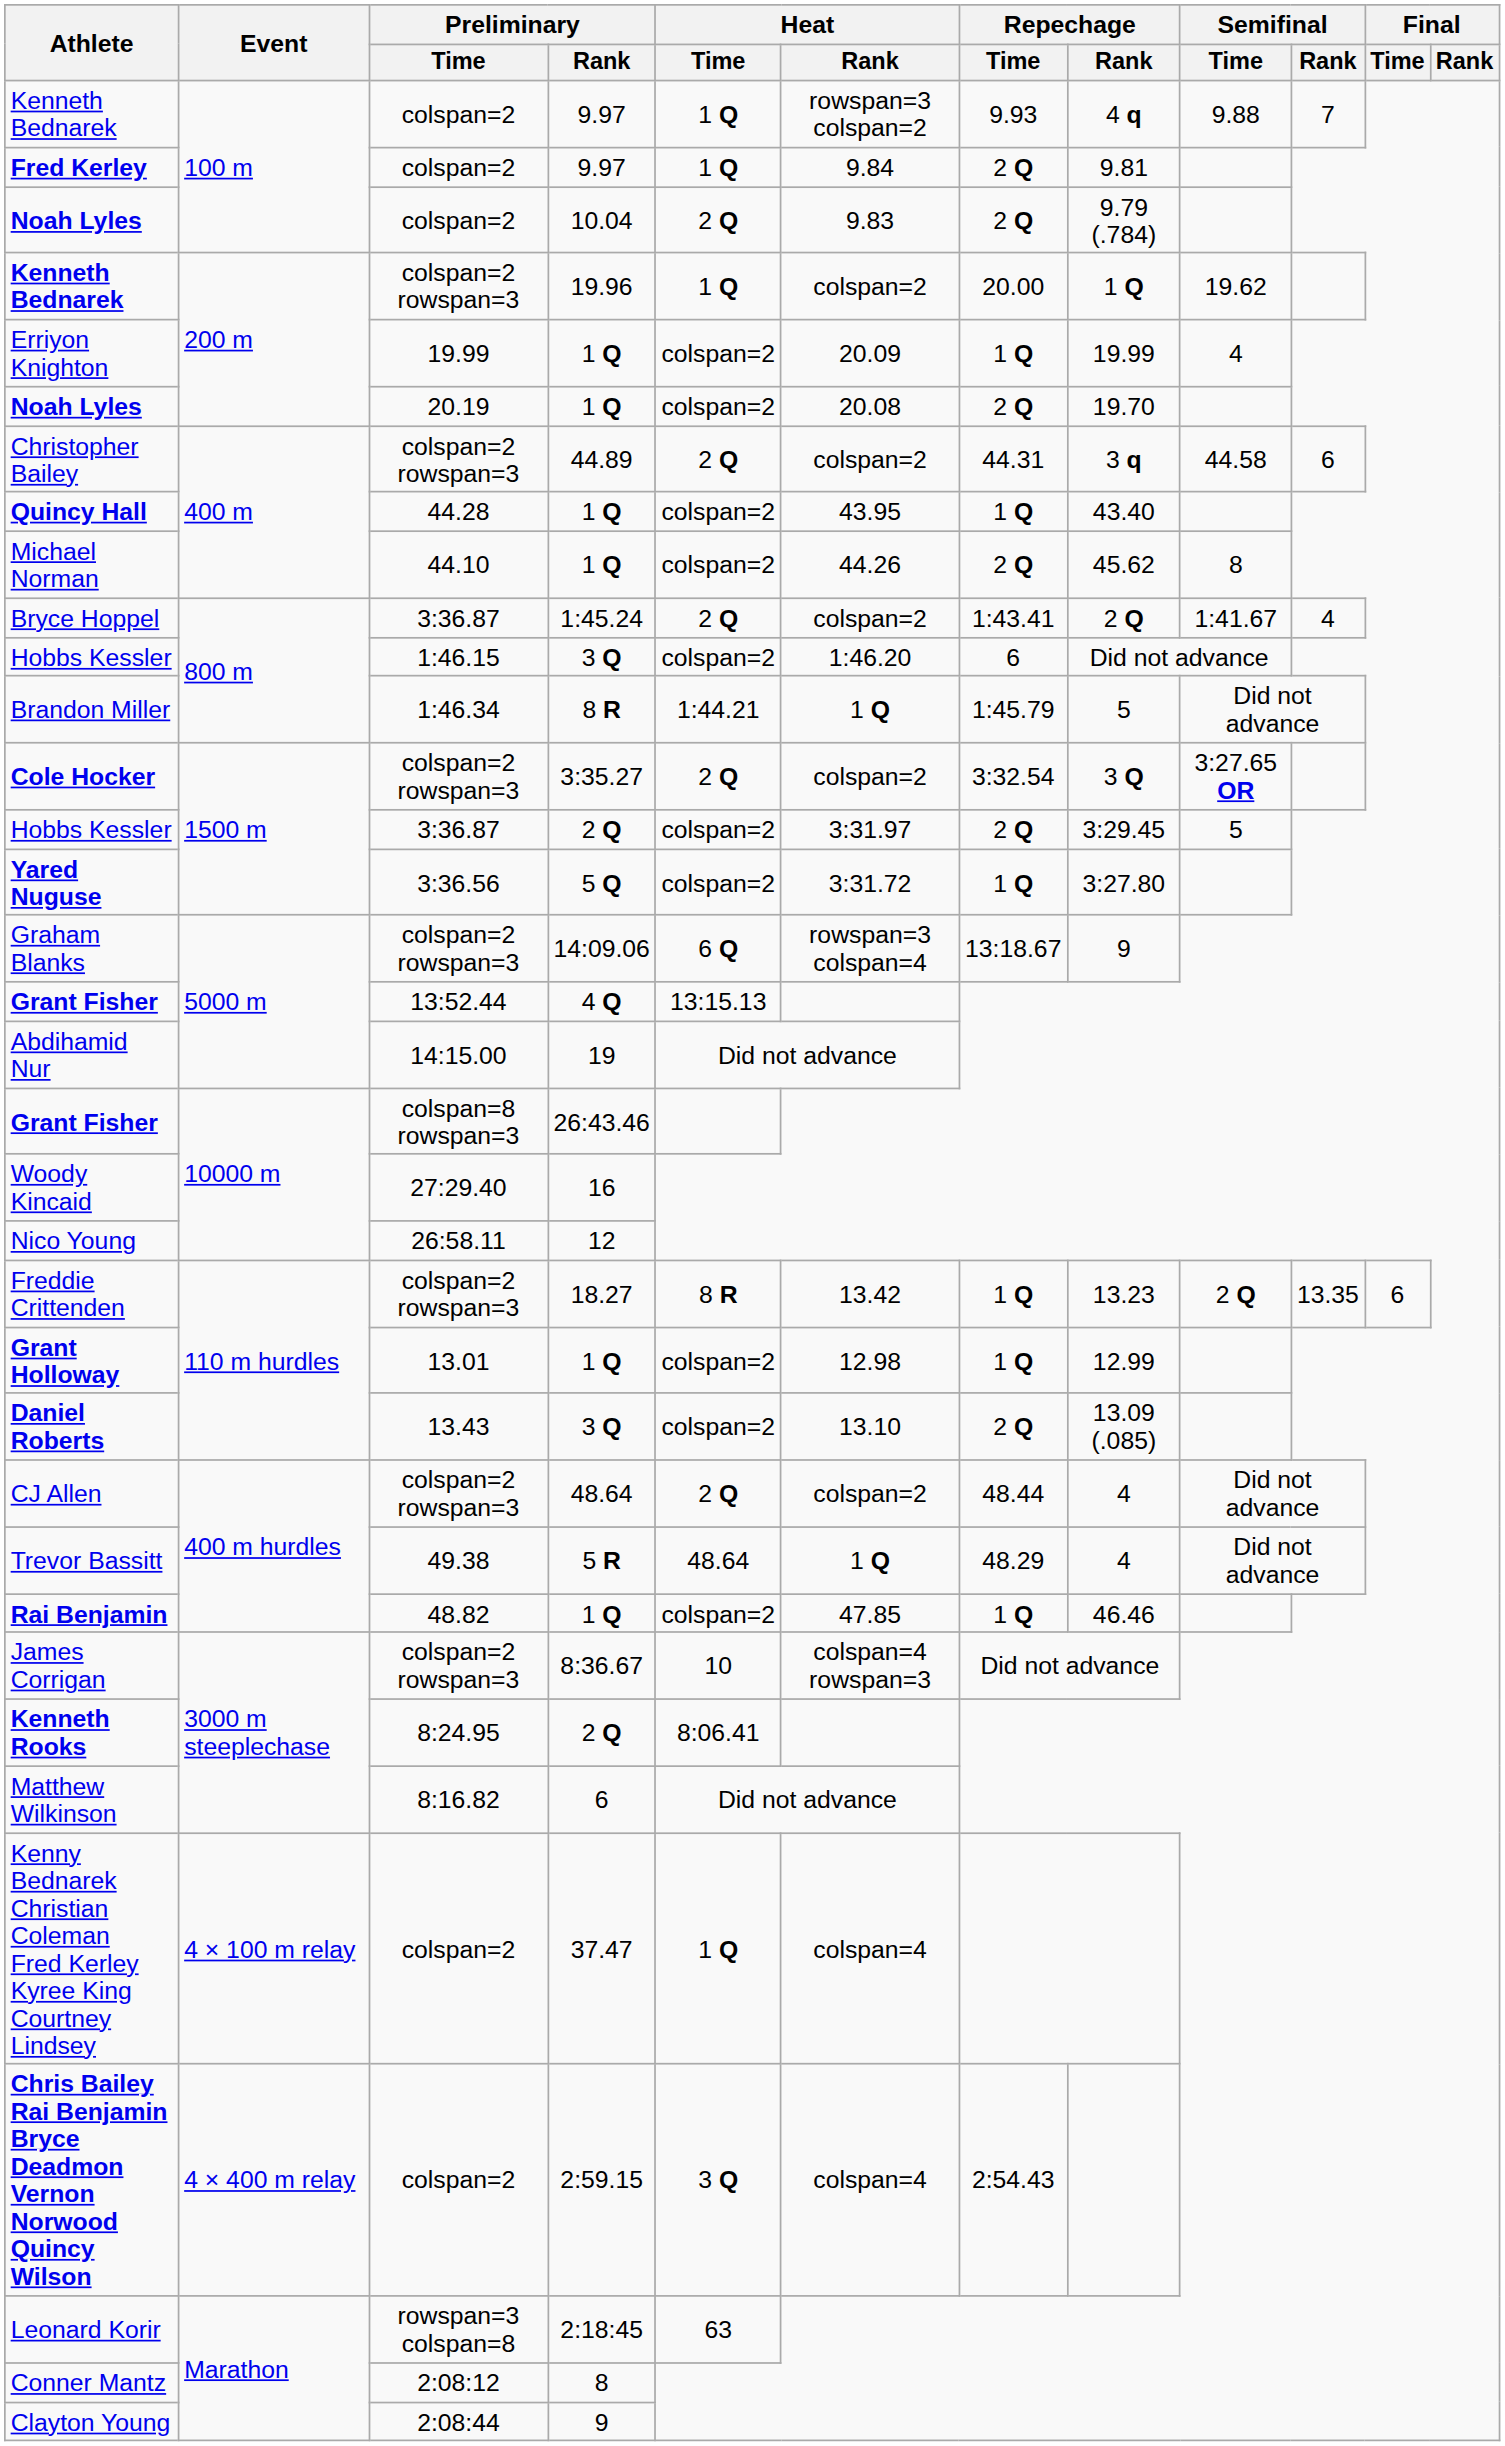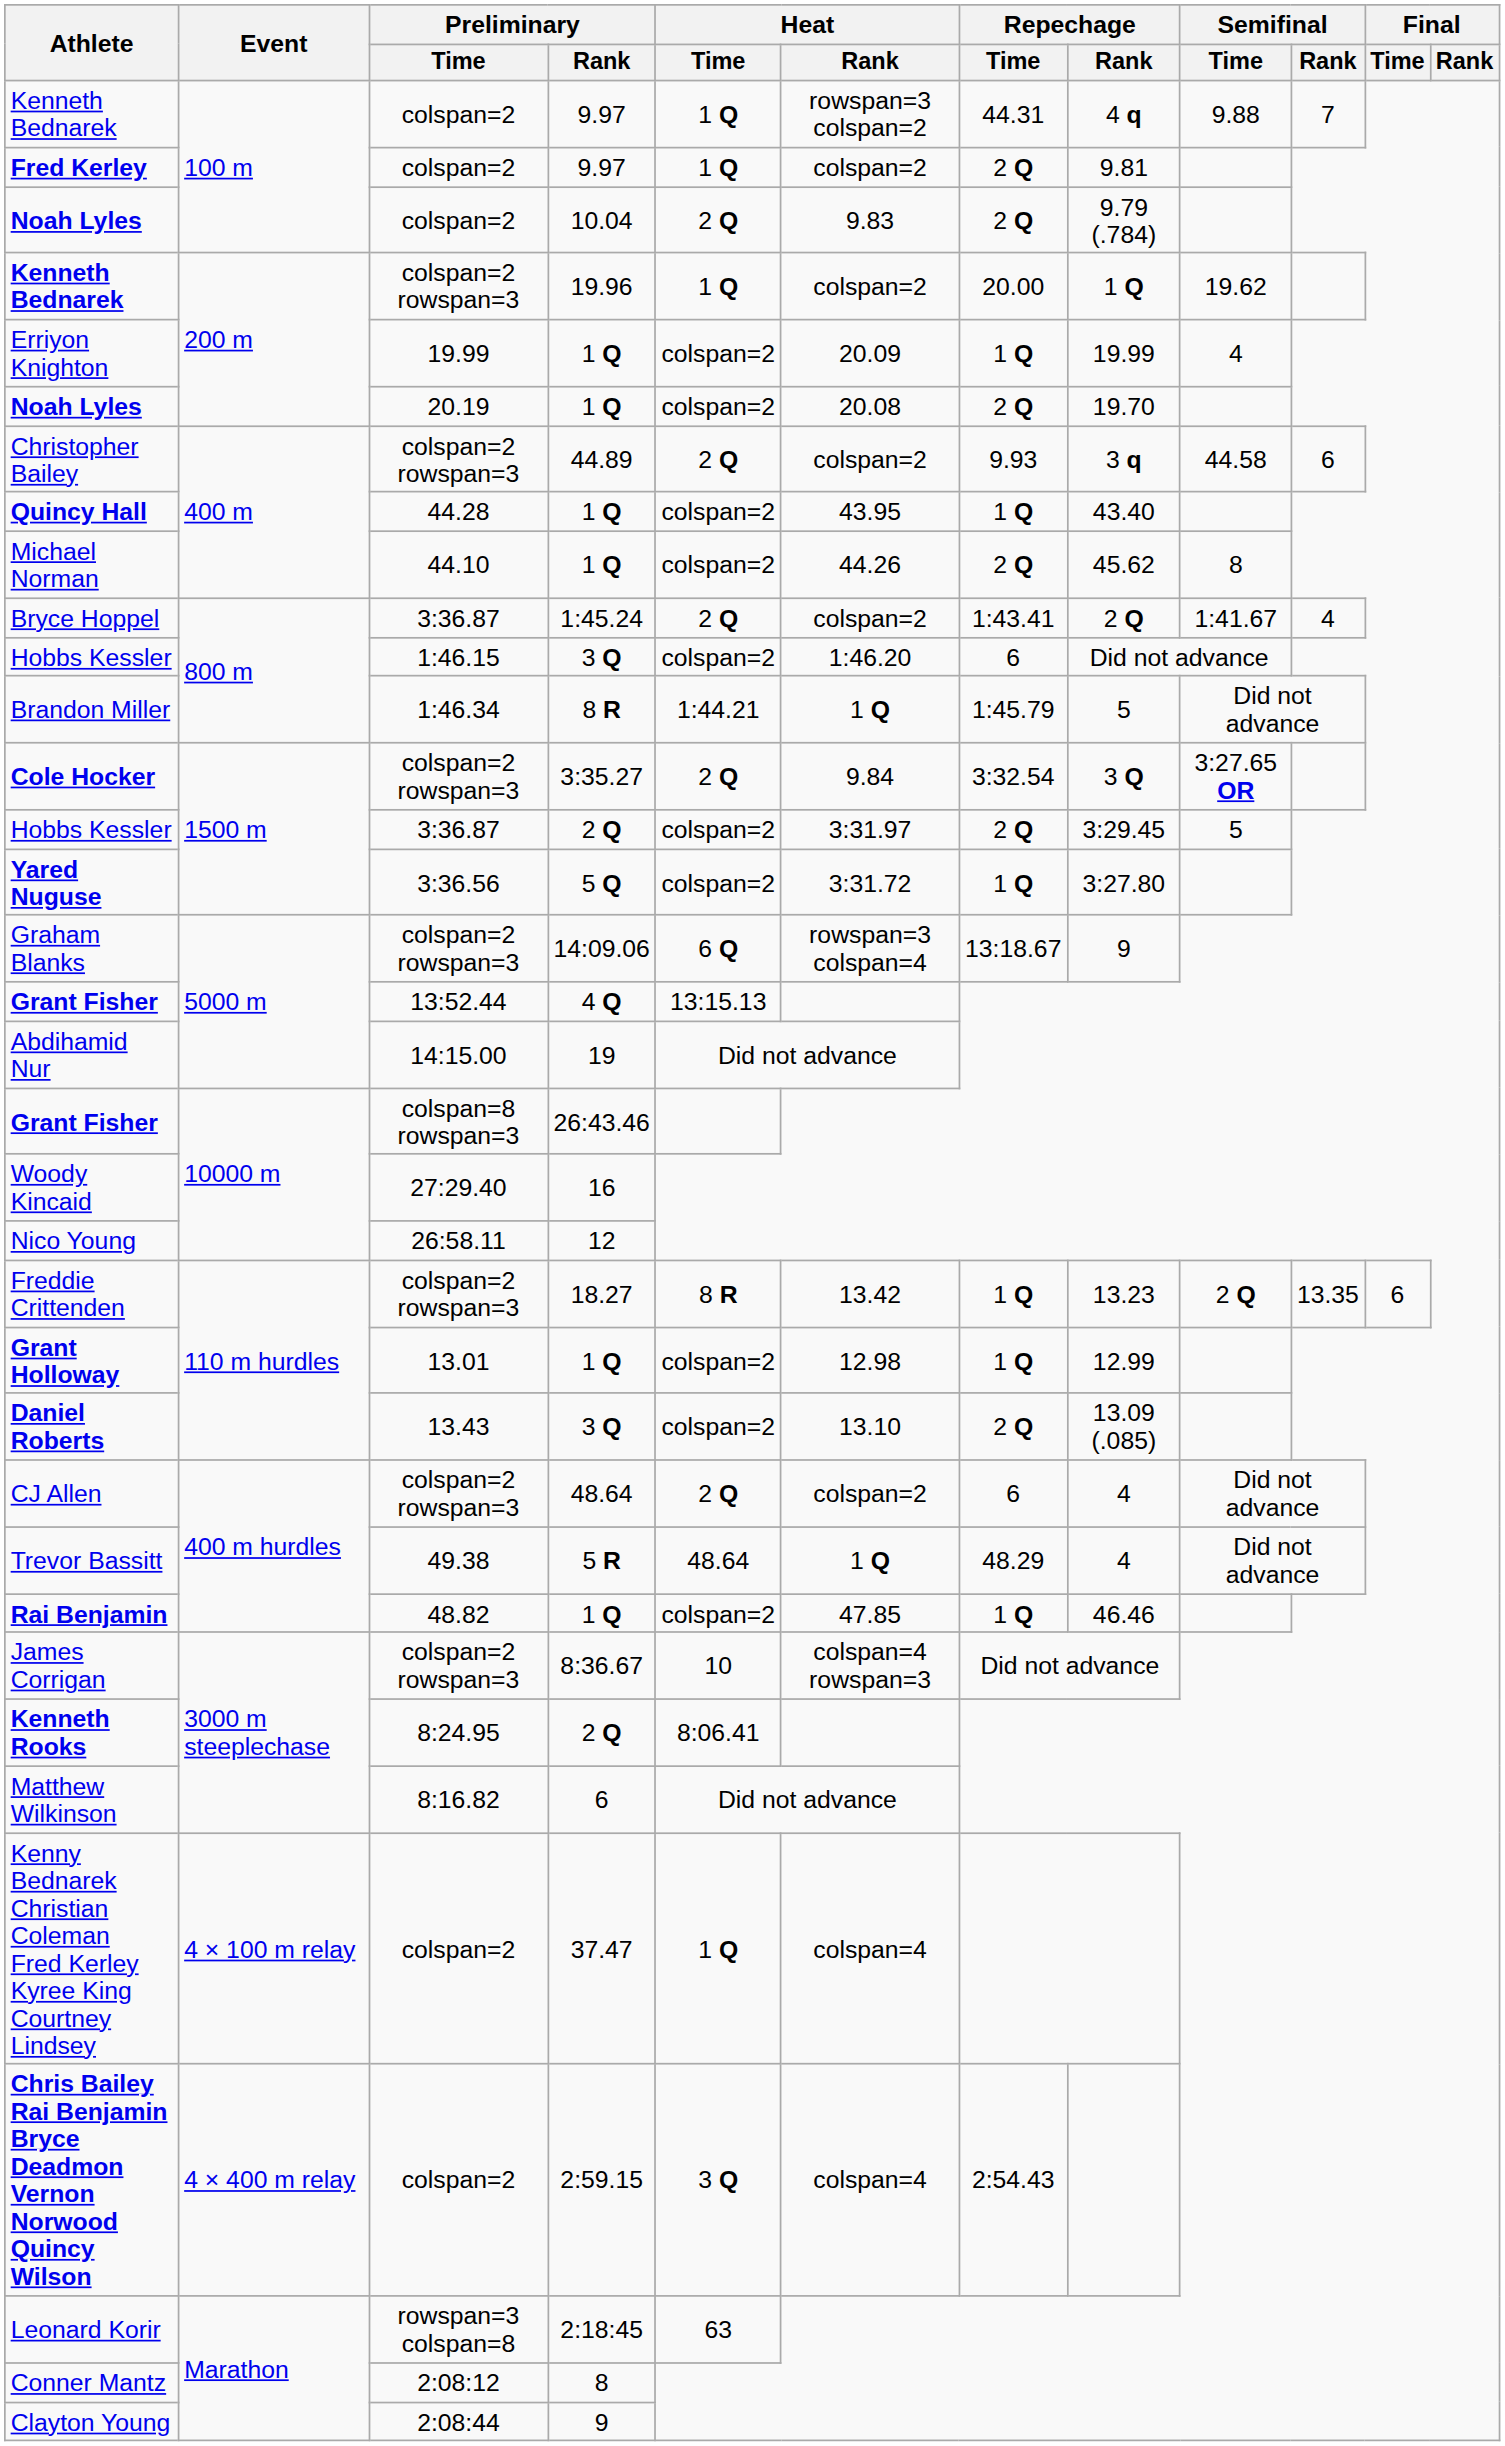 <table class=wikitable style=font-size:90%;text-align:center>
 <tr>
 <th rowspan=2>Athlete</th>
 <th rowspan=2>Event</th>
 <th colspan=2>Preliminary</th>
 <th colspan=2>Heat</th>
 <th colspan=2>Repechage</th>
 <th colspan=2>Semifinal</th>
 <th colspan=2>Final</th>
 </tr>
 <tr style=font-size:95%>
 <th>Time</th>
 <th>Rank</th>
 <th>Time</th>
 <th>Rank</th>
 <th>Time</th>
 <th>Rank</th>
 <th>Time</th>
 <th>Rank</th>
 <th>Time</th>
 <th>Rank</th>
 </tr>
 <tr>
 <td align=left><a href='#'>Kenneth Bednarek</a></td>
 <td align=left rowspan=3><a href='#'>100 m</a></td>
 <td>colspan=2 </td>
 <td>9.97</td>
 <td>1 <strong>Q</strong></td>
 <td>rowspan=3 colspan=2 </td>
-<td>9.93</td>
+<td>44.31</td>
 <td>4 <strong>q</strong></td>
 <td>9.88</td>
 <td>7</td>
 </tr>
 <tr>
 <td align=left><strong><a href='#'>Fred Kerley</a></strong></td>
 <td>colspan=2 </td>
 <td>9.97</td>
 <td>1 <strong>Q</strong></td>
-<td>9.84</td>
+<td>colspan=2 </td>
 <td>2 <strong>Q</strong></td>
 <td>9.81</td>
 <td></td>
 </tr>
 <tr>
 <td align=left><strong><a href='#'>Noah Lyles</a></strong></td>
 <td>colspan=2 </td>
 <td>10.04</td>
 <td>2 <strong>Q</strong></td>
 <td>9.83</td>
 <td>2 <strong>Q</strong></td>
 <td>9.79 (.784)</td>
 <td></td>
 </tr>
 <tr>
 <td align=left><strong><a href='#'>Kenneth Bednarek</a></strong></td>
 <td align=left rowspan=3><a href='#'>200 m</a></td>
 <td>colspan=2 rowspan=3 </td>
 <td>19.96</td>
 <td>1 <strong>Q</strong></td>
 <td>colspan=2 </td>
 <td>20.00</td>
 <td>1 <strong>Q</strong></td>
 <td>19.62</td>
 <td></td>
 </tr>
 <tr>
 <td align=left><a href='#'>Erriyon Knighton</a></td>
 <td>19.99</td>
 <td>1 <strong>Q</strong></td>
 <td>colspan=2 </td>
 <td>20.09</td>
 <td>1 <strong>Q</strong></td>
 <td>19.99</td>
 <td>4</td>
 </tr>
 <tr>
 <td align=left><strong><a href='#'>Noah Lyles</a></strong></td>
 <td>20.19</td>
 <td>1 <strong>Q</strong></td>
 <td>colspan=2 </td>
 <td>20.08</td>
 <td>2 <strong>Q</strong></td>
 <td>19.70</td>
 <td></td>
 </tr>
 <tr>
 <td align=left><a href='#'>Christopher Bailey</a></td>
 <td align=left rowspan=3><a href='#'>400 m</a></td>
 <td>colspan=2 rowspan=3 </td>
 <td>44.89</td>
 <td>2 <strong>Q</strong></td>
 <td>colspan=2 </td>
-<td>44.31</td>
+<td>9.93</td>
 <td>3 <strong>q</strong></td>
 <td>44.58</td>
 <td>6</td>
 </tr>
 <tr>
 <td align=left><strong><a href='#'>Quincy Hall</a></strong></td>
 <td>44.28</td>
 <td>1 <strong>Q</strong></td>
 <td>colspan=2 </td>
 <td>43.95</td>
 <td>1 <strong>Q</strong></td>
 <td>43.40</td>
 <td></td>
 </tr>
 <tr>
 <td align=left><a href='#'>Michael Norman</a></td>
 <td>44.10</td>
 <td>1 <strong>Q</strong></td>
 <td>colspan=2 </td>
 <td>44.26</td>
 <td>2 <strong>Q</strong></td>
 <td>45.62</td>
 <td>8</td>
 </tr>
 <tr>
 <td align=left><a href='#'>Bryce Hoppel</a></td>
 <td align=left rowspan=3><a href='#'>800 m</a></td>
 <td>3:36.87</td>
 <td>1:45.24</td>
 <td>2 <strong>Q</strong></td>
 <td>colspan=2 </td>
 <td>1:43.41</td>
 <td>2 <strong>Q</strong></td>
 <td>1:41.67 <strong></strong></td>
 <td>4</td>
 </tr>
 <tr>
 <td align=left><a href='#'>Hobbs Kessler</a></td>
 <td>1:46.15</td>
 <td>3 <strong>Q</strong></td>
 <td>colspan=2 </td>
 <td>1:46.20</td>
 <td>6</td>
 <td colspan=2>Did not advance</td>
 </tr>
 <tr>
 <td align=left><a href='#'>Brandon Miller</a></td>
 <td>1:46.34</td>
 <td>8 <strong>R</strong></td>
 <td>1:44.21</td>
 <td>1 <strong>Q</strong></td>
 <td>1:45.79</td>
 <td>5</td>
 <td colspan=2>Did not advance</td>
 </tr>
 <tr>
 <td align=left><strong><a href='#'>Cole Hocker</a></strong></td>
 <td align=left rowspan=3><a href='#'>1500 m</a></td>
 <td>colspan=2 rowspan=3 </td>
 <td>3:35.27</td>
 <td>2 <strong>Q</strong></td>
-<td>colspan=2 </td>
+<td>9.84</td>
 <td>3:32.54</td>
 <td>3 <strong>Q</strong></td>
 <td>3:27.65 <strong><a href='#'>OR</a></strong></td>
 <td></td>
 </tr>
 <tr>
 <td align=left><a href='#'>Hobbs Kessler</a></td>
 <td>3:36.87</td>
 <td>2 <strong>Q</strong></td>
 <td>colspan=2 </td>
 <td>3:31.97</td>
 <td>2 <strong>Q</strong></td>
 <td>3:29.45</td>
 <td>5</td>
 </tr>
 <tr>
 <td align=left><strong><a href='#'>Yared Nuguse</a></strong></td>
 <td>3:36.56</td>
 <td>5 <strong>Q</strong></td>
 <td>colspan=2 </td>
 <td>3:31.72</td>
 <td>1 <strong>Q</strong></td>
 <td>3:27.80</td>
 <td></td>
 </tr>
 <tr>
 <td align=left><a href='#'>Graham Blanks</a></td>
 <td align=left rowspan=3><a href='#'>5000 m</a></td>
 <td>colspan=2 rowspan=3 </td>
 <td>14:09.06</td>
 <td>6 <strong>Q</strong></td>
 <td>rowspan=3 colspan=4 </td>
 <td>13:18.67</td>
 <td>9</td>
 </tr>
 <tr>
 <td align=left><strong><a href='#'>Grant Fisher</a></strong></td>
 <td>13:52.44</td>
 <td>4 <strong>Q</strong></td>
 <td>13:15.13</td>
 <td></td>
 </tr>
 <tr>
 <td align=left><a href='#'>Abdihamid Nur</a></td>
 <td>14:15.00</td>
 <td>19</td>
 <td colspan=2>Did not advance</td>
 </tr>
 <tr>
 <td align=left><strong><a href='#'>Grant Fisher</a></strong></td>
 <td align=left rowspan=3><a href='#'>10000 m</a></td>
 <td>colspan=8 rowspan=3 </td>
 <td>26:43.46</td>
 <td></td>
 </tr>
 <tr>
 <td align=left><a href='#'>Woody Kincaid</a></td>
 <td>27:29.40</td>
 <td>16</td>
 </tr>
 <tr>
 <td align=left><a href='#'>Nico Young</a></td>
 <td>26:58.11</td>
 <td>12</td>
 </tr>
 <tr>
 <td align=left><a href='#'>Freddie Crittenden</a></td>
 <td align=left rowspan=3><a href='#'>110 m hurdles</a></td>
 <td>colspan=2 rowspan=3 </td>
 <td>18.27</td>
 <td>8 <strong>R</strong></td>
 <td>13.42</td>
 <td>1 <strong>Q</strong></td>
 <td>13.23</td>
 <td>2 <strong>Q</strong></td>
 <td>13.35</td>
 <td>6</td>
 </tr>
 <tr>
 <td align=left><strong><a href='#'>Grant Holloway</a></strong></td>
 <td>13.01</td>
 <td>1 <strong>Q</strong></td>
 <td>colspan=2 </td>
 <td>12.98</td>
 <td>1 <strong>Q</strong></td>
 <td>12.99</td>
 <td></td>
 </tr>
 <tr>
 <td align=left><strong><a href='#'>Daniel Roberts</a></strong></td>
 <td>13.43</td>
 <td>3 <strong>Q</strong></td>
 <td>colspan=2 </td>
 <td>13.10</td>
 <td>2 <strong>Q</strong></td>
 <td>13.09 (.085)</td>
 <td></td>
 </tr>
 <tr>
 <td align=left><a href='#'>CJ Allen</a></td>
 <td align=left rowspan=3><a href='#'>400 m hurdles</a></td>
 <td>colspan=2 rowspan=3 </td>
 <td>48.64</td>
 <td>2 <strong>Q</strong></td>
 <td>colspan=2 </td>
-<td>48.44</td>
+<td>6</td>
 <td>4</td>
 <td colspan=2>Did not advance</td>
 </tr>
 <tr>
 <td align=left><a href='#'>Trevor Bassitt</a></td>
 <td>49.38</td>
 <td>5 <strong>R</strong></td>
 <td>48.64</td>
 <td>1 <strong>Q</strong></td>
 <td>48.29</td>
 <td>4</td>
 <td colspan=2>Did not advance</td>
 </tr>
 <tr>
 <td align=left><strong><a href='#'>Rai Benjamin</a></strong></td>
 <td>48.82</td>
 <td>1 <strong>Q</strong></td>
 <td>colspan=2 </td>
 <td>47.85</td>
 <td>1 <strong>Q</strong></td>
 <td>46.46</td>
 <td></td>
 </tr>
 <tr>
 <td align=left><a href='#'>James Corrigan</a></td>
 <td align=left rowspan=3><a href='#'>3000 m steeplechase</a></td>
 <td>colspan=2 rowspan=3 </td>
 <td>8:36.67</td>
 <td>10</td>
 <td>colspan=4 rowspan=3 </td>
 <td colspan=2>Did not advance</td>
 </tr>
 <tr>
 <td align=left><strong><a href='#'>Kenneth Rooks</a></strong></td>
 <td>8:24.95</td>
 <td>2 <strong>Q</strong></td>
 <td>8:06.41</td>
 <td></td>
 </tr>
 <tr>
 <td align=left><a href='#'>Matthew Wilkinson</a></td>
 <td>8:16.82</td>
 <td>6</td>
 <td colspan=2>Did not advance</td>
 </tr>
 <tr>
 <td align=left><a href='#'>Kenny Bednarek</a><br><a href='#'>Christian Coleman</a><br><a href='#'>Fred Kerley</a><br><a href='#'>Kyree King</a><br><a href='#'>Courtney Lindsey</a></td>
 <td align=left><a href='#'>4 × 100 m relay</a></td>
 <td>colspan=2 </td>
 <td>37.47</td>
 <td>1 <strong>Q</strong></td>
 <td>colspan=4 </td>
 <td colspan=2></td>
 </tr>
 <tr>
 <td align=left><strong><a href='#'>Chris Bailey</a><br><a href='#'>Rai Benjamin</a><br><a href='#'>Bryce Deadmon</a><br><a href='#'>Vernon Norwood</a><br><a href='#'>Quincy Wilson</a></strong></td>
 <td align=left><a href='#'>4 × 400 m relay</a></td>
 <td>colspan=2 </td>
 <td>2:59.15</td>
 <td>3 <strong>Q</strong></td>
 <td>colspan=4 </td>
 <td>2:54.43 <strong></strong></td>
 <td></td>
 </tr>
 <tr>
 <td align=left><a href='#'>Leonard Korir</a></td>
 <td align=left rowspan=3><a href='#'>Marathon</a></td>
 <td>rowspan=3 colspan=8 </td>
 <td>2:18:45</td>
 <td>63</td>
 </tr>
 <tr>
 <td align=left><a href='#'>Conner Mantz</a></td>
 <td>2:08:12</td>
 <td>8</td>
 </tr>
 <tr>
 <td align=left><a href='#'>Clayton Young</a></td>
 <td>2:08:44</td>
 <td>9</td>
 </tr>
 </table>
